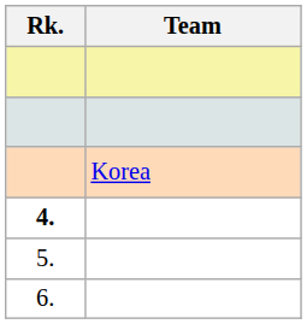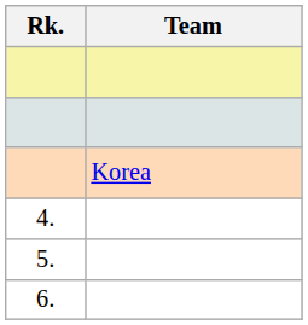 <table class="wikitable" style="border:1px solid #aaa; font-size:90%;">
 <tr style="background:#e4e4e4;">
 <th style="border-bottom:1px solid #aaa; width:40px;">Rk.</th>
 <th style="border-bottom:1px solid #aaa; width:120px;">Team</th>
 </tr>
 <tr style="background:#f7f6a8;">
 <td style="text-align:center; height:23px;"></td>
 <td><strong></strong></td>
 </tr>
 <tr style="background:#dce5e5;">
 <td style="text-align:center; height:23px;"></td>
 <td></td>
 </tr>
 <tr style="background:#ffdab9;">
 <td style="text-align:center; height:23px;"></td>
 <td> <a href='#'>Korea</a></td>
 </tr>
 <tr style="background:#fff;">
-<td style="text-align:center;"><strong>4.</strong></td>
+<td style="text-align:center;">4.</td>
 <td></td>
 </tr>
 <tr style="background:#fff;">
 <td style="text-align:center;">5.</td>
 <td></td>
 </tr>
 <tr style="background:#fff;">
 <td style="text-align:center;">6.</td>
 <td></td>
 </tr>
 </table>
